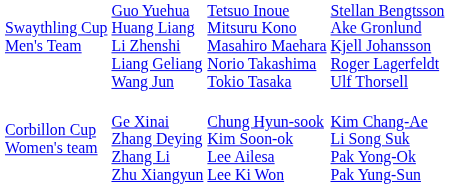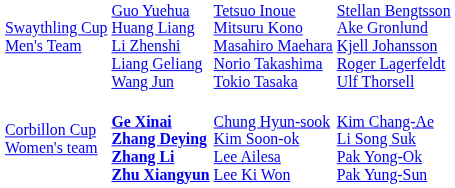 <table>
 <tr>
 <td><a href='#'>Swaythling Cup<br>Men's Team</a></td>
 <td><br><a href='#'>Guo Yuehua</a><br><a href='#'>Huang Liang</a><br><a href='#'>Li Zhenshi</a><br><a href='#'>Liang Geliang</a><br><a href='#'>Wang Jun</a></td>
 <td><br><a href='#'>Tetsuo Inoue</a><br><a href='#'>Mitsuru Kono</a><br><a href='#'>Masahiro Maehara</a><br><a href='#'>Norio Takashima</a><br><a href='#'>Tokio Tasaka</a></td>
 <td><br><a href='#'>Stellan Bengtsson</a><br><a href='#'>Ake Gronlund</a><br><a href='#'>Kjell Johansson</a><br><a href='#'>Roger Lagerfeldt</a><br><a href='#'>Ulf Thorsell</a></td>
 </tr>
 <tr>
 <td><a href='#'>Corbillon Cup<br>Women's team</a></td>
-<td><br><a href='#'>Ge Xinai</a><br><a href='#'>Zhang Deying</a><br><a href='#'>Zhang Li</a><br><a href='#'>Zhu Xiangyun</a></td>
+<td><strong><br><a href='#'>Ge Xinai</a><br><a href='#'>Zhang Deying</a><br><a href='#'>Zhang Li</a><br><a href='#'>Zhu Xiangyun</a></strong></td>
 <td><br><a href='#'>Chung Hyun-sook</a><br><a href='#'>Kim Soon-ok</a><br><a href='#'>Lee Ailesa</a><br><a href='#'>Lee Ki Won</a></td>
 <td><br><a href='#'>Kim Chang-Ae</a><br><a href='#'>Li Song Suk</a><br><a href='#'>Pak Yong-Ok</a><br><a href='#'>Pak Yung-Sun</a></td>
 </tr>
 </table>
